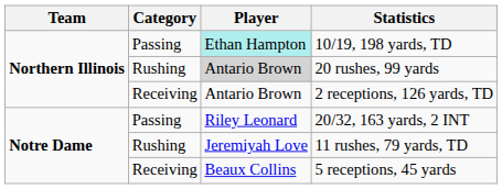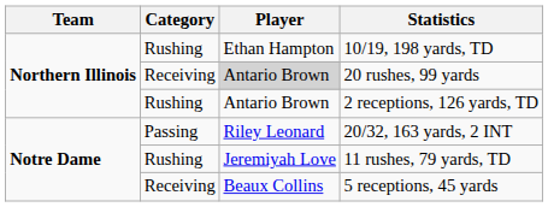 <table class="wikitable" style="float: right;">
 <tr>
 <th>Team</th>
 <th>Category</th>
 <th>Player</th>
 <th>Statistics</th>
 </tr>
 <tr>
 <td rowspan=3><strong>Northern Illinois</strong></td>
-<td>Passing</td>
-<td style="background: paleturquoise;">Ethan Hampton</td>
+<td>Rushing</td>
+<td>Ethan Hampton</td>
 <td>10/19, 198 yards, TD</td>
 </tr>
 <tr>
-<td>Rushing</td>
+<td>Receiving</td>
 <td style="background: lightgrey;">Antario Brown</td>
 <td>20 rushes, 99 yards</td>
 </tr>
 <tr>
-<td>Receiving</td>
+<td>Rushing</td>
 <td>Antario Brown</td>
 <td>2 receptions, 126 yards, TD</td>
 </tr>
 <tr>
 <td rowspan=3><strong>Notre Dame</strong></td>
 <td>Passing</td>
 <td><a href='#'>Riley Leonard</a></td>
 <td>20/32, 163 yards, 2 INT</td>
 </tr>
 <tr>
 <td>Rushing</td>
 <td><a href='#'>Jeremiyah Love</a></td>
 <td>11 rushes, 79 yards, TD</td>
 </tr>
 <tr>
 <td>Receiving</td>
 <td><a href='#'>Beaux Collins</a></td>
 <td>5 receptions, 45 yards</td>
 </tr>
 </table>
